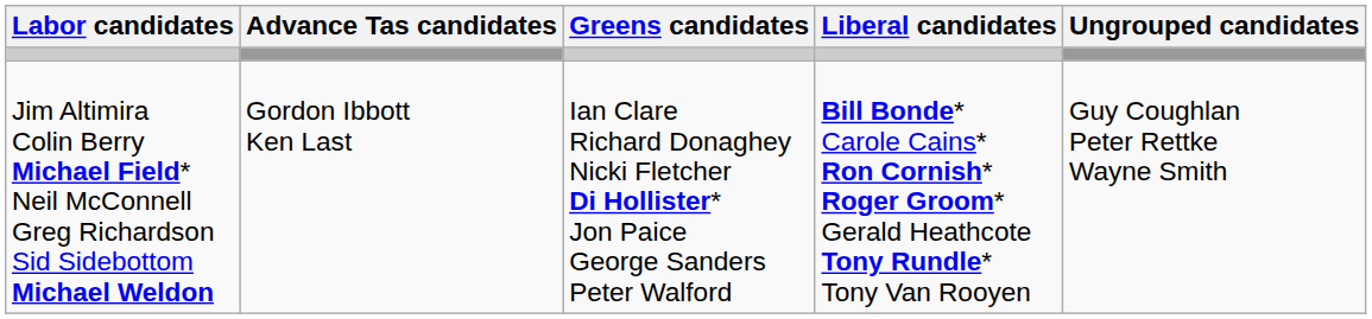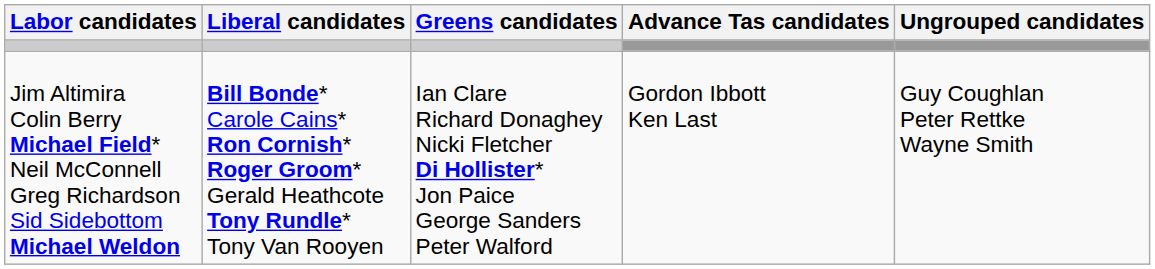 <table class="wikitable">
 <tr>
 <th><a href='#'>Labor</a> candidates</th>
+<th><a href='#'>Liberal</a> candidates</th>
+<th><a href='#'>Greens</a> candidates</th>
 <th>Advance Tas candidates</th>
-<th><a href='#'>Greens</a> candidates</th>
-<th><a href='#'>Liberal</a> candidates</th>
 <th>Ungrouped candidates</th>
 </tr>
 <tr bgcolor="#cccccc">
 <td></td>
-<td bgcolor="#999999"></td>
 <td></td>
 <td></td>
+<td bgcolor="#999999"></td>
 <td bgcolor="#999999"></td>
 </tr>
 <tr>
 <td><br>Jim Altimira<br> Colin Berry<br> <strong><a href='#'>Michael Field</a></strong>*<br> Neil McConnell<br> Greg Richardson<br> <a href='#'>Sid Sidebottom</a><br> <strong><a href='#'>Michael Weldon</a></strong></td>
+<td><br><strong><a href='#'>Bill Bonde</a></strong>*<br> <a href='#'>Carole Cains</a>*<br> <strong><a href='#'>Ron Cornish</a></strong>*<br> <strong><a href='#'>Roger Groom</a></strong>*<br> Gerald Heathcote<br> <strong><a href='#'>Tony Rundle</a></strong>*<br> Tony Van Rooyen</td>
+<td><br>Ian Clare<br> Richard Donaghey<br> Nicki Fletcher<br> <strong><a href='#'>Di Hollister</a></strong>*<br> Jon Paice<br> George Sanders<br> Peter Walford</td>
 <td valign=top><br>Gordon Ibbott<br> Ken Last</td>
-<td><br>Ian Clare<br> Richard Donaghey<br> Nicki Fletcher<br> <strong><a href='#'>Di Hollister</a></strong>*<br> Jon Paice<br> George Sanders<br> Peter Walford</td>
-<td><br><strong><a href='#'>Bill Bonde</a></strong>*<br> <a href='#'>Carole Cains</a>*<br> <strong><a href='#'>Ron Cornish</a></strong>*<br> <strong><a href='#'>Roger Groom</a></strong>*<br> Gerald Heathcote<br> <strong><a href='#'>Tony Rundle</a></strong>*<br> Tony Van Rooyen</td>
 <td valign=top><br>Guy Coughlan<br> Peter Rettke<br> Wayne Smith</td>
 </tr>
 </table>
